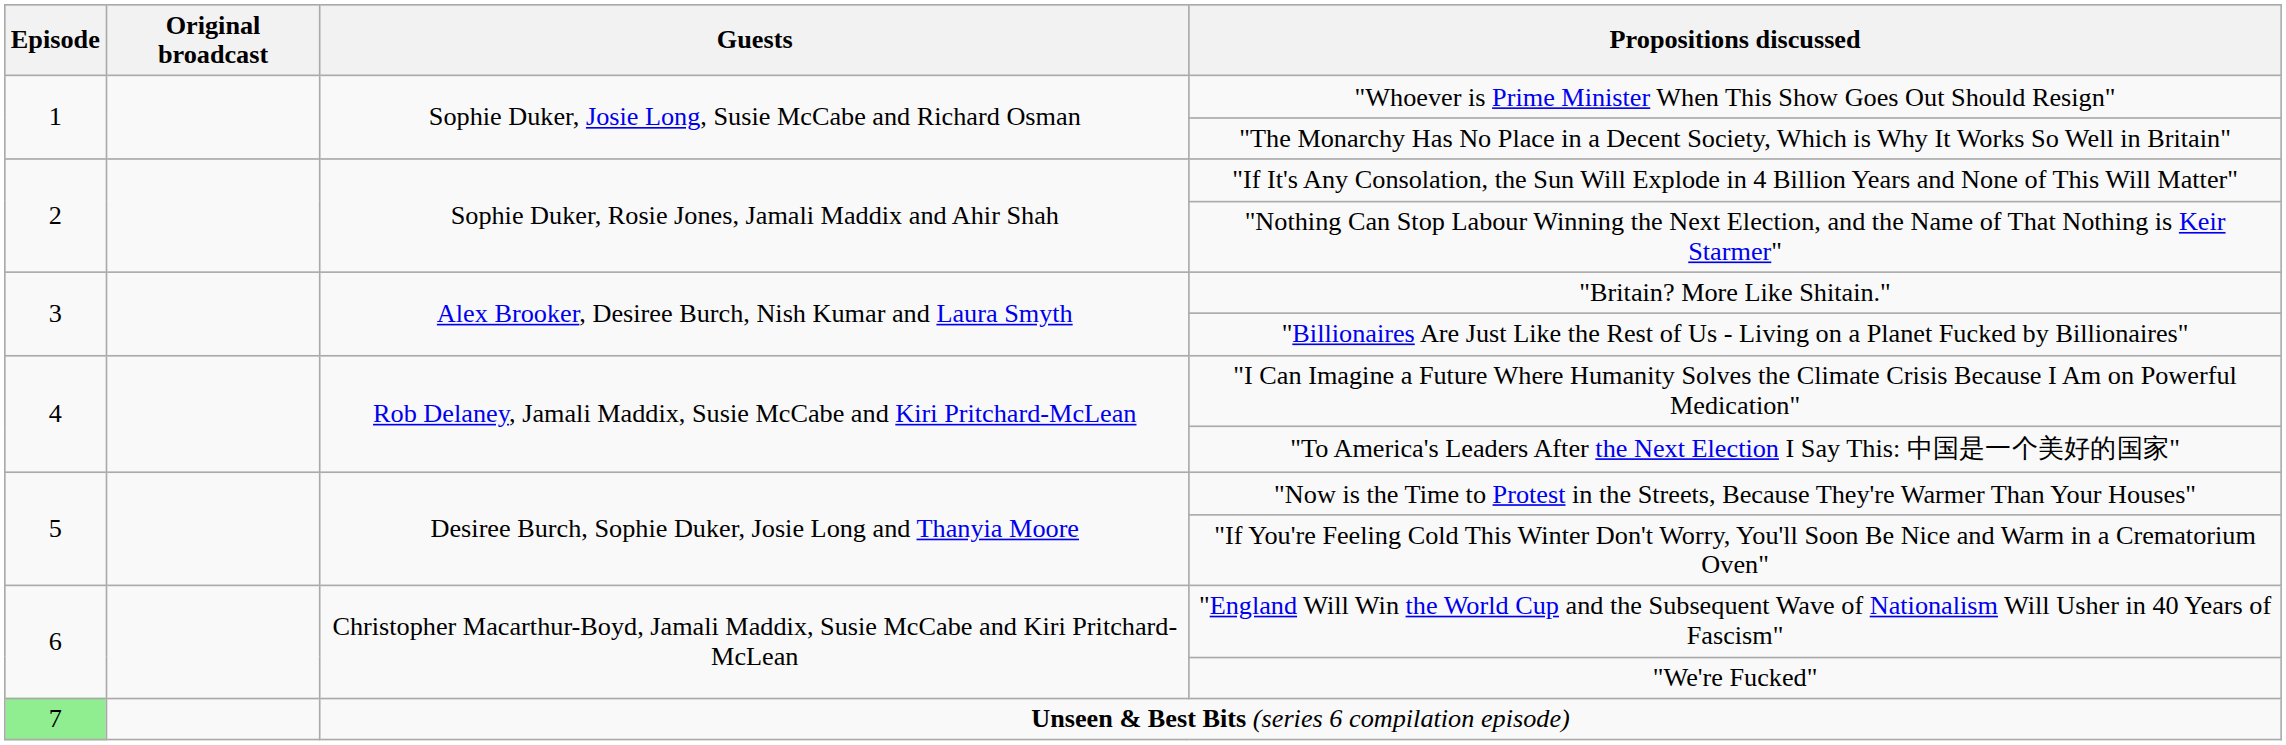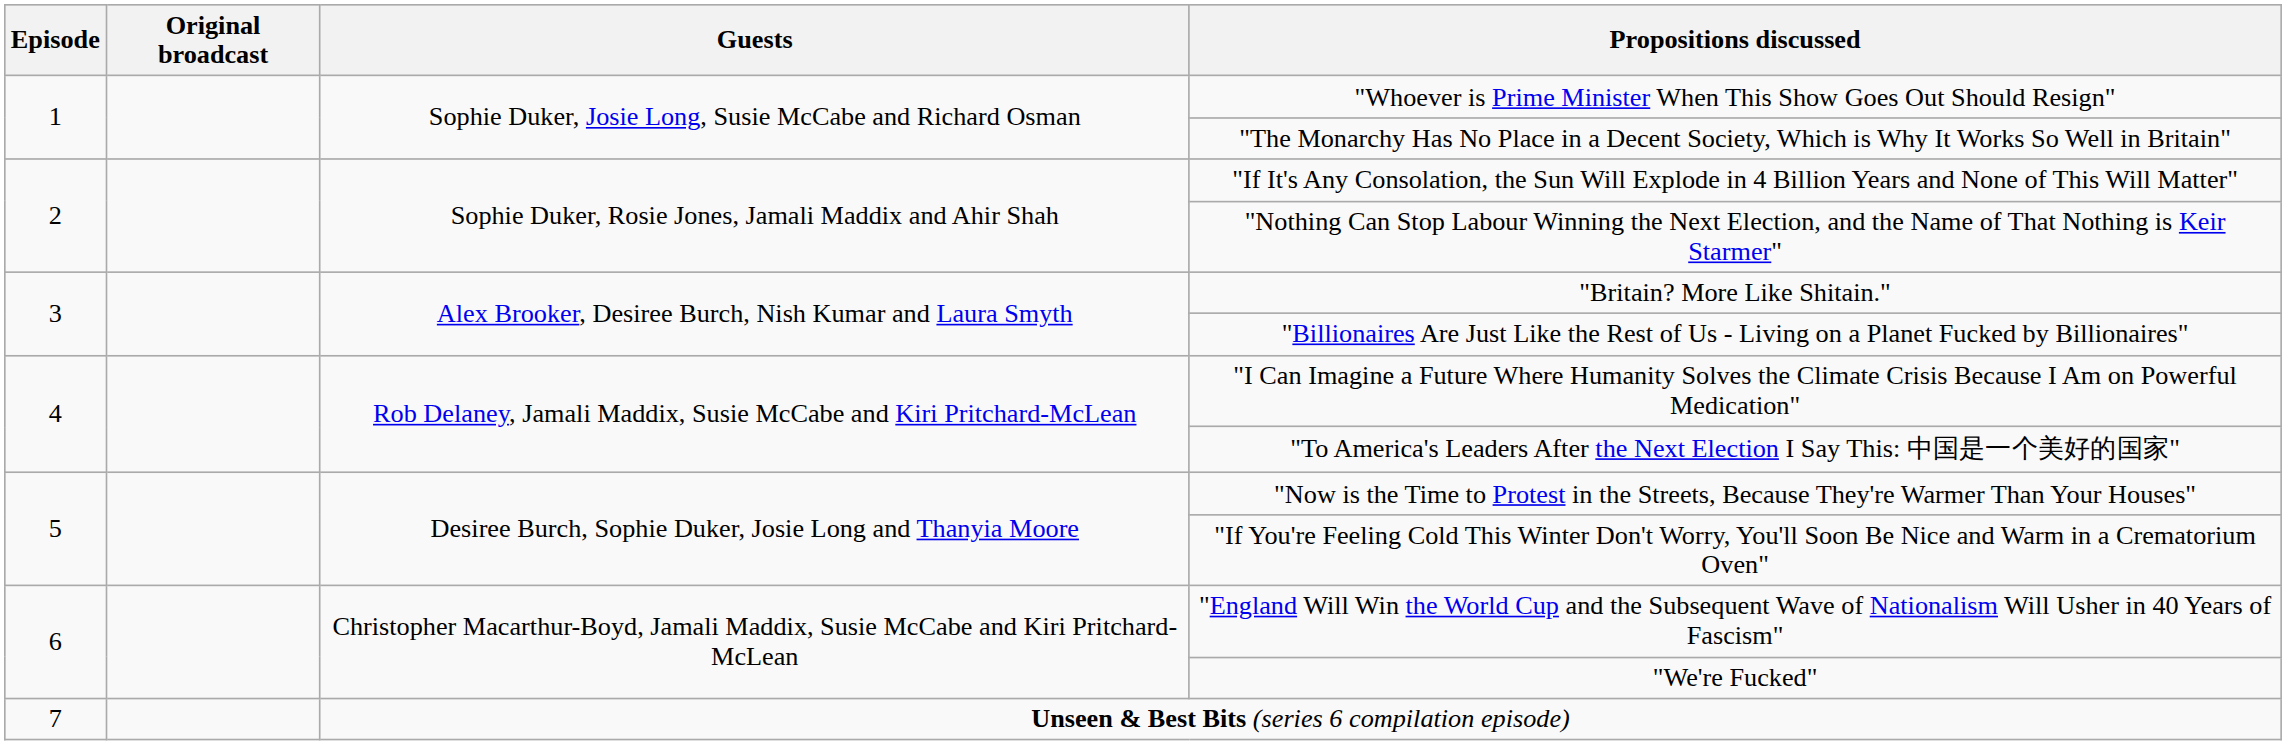 <table class="wikitable" style="text-align:center; width:70%;">
 <tr>
 <th>Episode</th>
 <th>Original broadcast</th>
 <th>Guests</th>
 <th>Propositions discussed</th>
 </tr>
 <tr>
 <td rowspan="2">1</td>
 <td rowspan="2"></td>
 <td rowspan="2">Sophie Duker, <a href='#'>Josie Long</a>, Susie McCabe and Richard Osman</td>
 <td>"Whoever is <a href='#'>Prime Minister</a> When This Show Goes Out Should Resign"</td>
 </tr>
 <tr>
 <td>"The Monarchy Has No Place in a Decent Society, Which is Why It Works So Well in Britain"</td>
 </tr>
 <tr>
 <td rowspan="2">2</td>
 <td rowspan="2"></td>
 <td rowspan="2">Sophie Duker, Rosie Jones, Jamali Maddix and Ahir Shah</td>
 <td>"If It's Any Consolation, the Sun Will Explode in 4 Billion Years and None of This Will Matter"</td>
 </tr>
 <tr>
 <td>"Nothing Can Stop Labour Winning the Next Election, and the Name of That Nothing is <a href='#'>Keir Starmer</a>"</td>
 </tr>
 <tr>
 <td rowspan="2">3</td>
 <td rowspan="2"></td>
 <td rowspan="2"><a href='#'>Alex Brooker</a>, Desiree Burch, Nish Kumar and <a href='#'>Laura Smyth</a></td>
 <td>"Britain? More Like Shitain."</td>
 </tr>
 <tr>
 <td>"<a href='#'>Billionaires</a> Are Just Like the Rest of Us - Living on a Planet Fucked by Billionaires"</td>
 </tr>
 <tr>
 <td rowspan="2">4</td>
 <td rowspan="2"></td>
 <td rowspan="2"><a href='#'>Rob Delaney</a>, Jamali Maddix, Susie McCabe and <a href='#'>Kiri Pritchard-McLean</a></td>
 <td>"I Can Imagine a Future Where Humanity Solves the Climate Crisis Because I Am on Powerful Medication"</td>
 </tr>
 <tr>
 <td>"To America's Leaders After <a href='#'>the Next Election</a> I Say This: 中国是一个美好的国家"</td>
 </tr>
 <tr>
 <td rowspan="2">5</td>
 <td rowspan="2"></td>
 <td rowspan="2">Desiree Burch, Sophie Duker, Josie Long and <a href='#'>Thanyia Moore</a></td>
 <td>"Now is the Time to <a href='#'>Protest</a> in the Streets, Because They're Warmer Than Your Houses"</td>
 </tr>
 <tr>
 <td>"If You're Feeling Cold This Winter Don't Worry, You'll Soon Be Nice and Warm in a Crematorium Oven"</td>
 </tr>
 <tr>
 <td rowspan="2">6</td>
 <td rowspan="2"></td>
 <td rowspan="2">Christopher Macarthur-Boyd, Jamali Maddix, Susie McCabe and Kiri Pritchard-McLean</td>
 <td>"<a href='#'>England</a> Will Win <a href='#'>the World Cup</a> and the Subsequent Wave of <a href='#'>Nationalism</a> Will Usher in 40 Years of Fascism"</td>
 </tr>
 <tr>
 <td>"We're Fucked"</td>
 </tr>
 <tr>
-<td style="background: lightgreen;">7</td>
+<td>7</td>
 <td></td>
 <td colspan="3"><strong>Unseen & Best Bits</strong> <em>(series 6 compilation episode)</em></td>
 </tr>
 </table>
